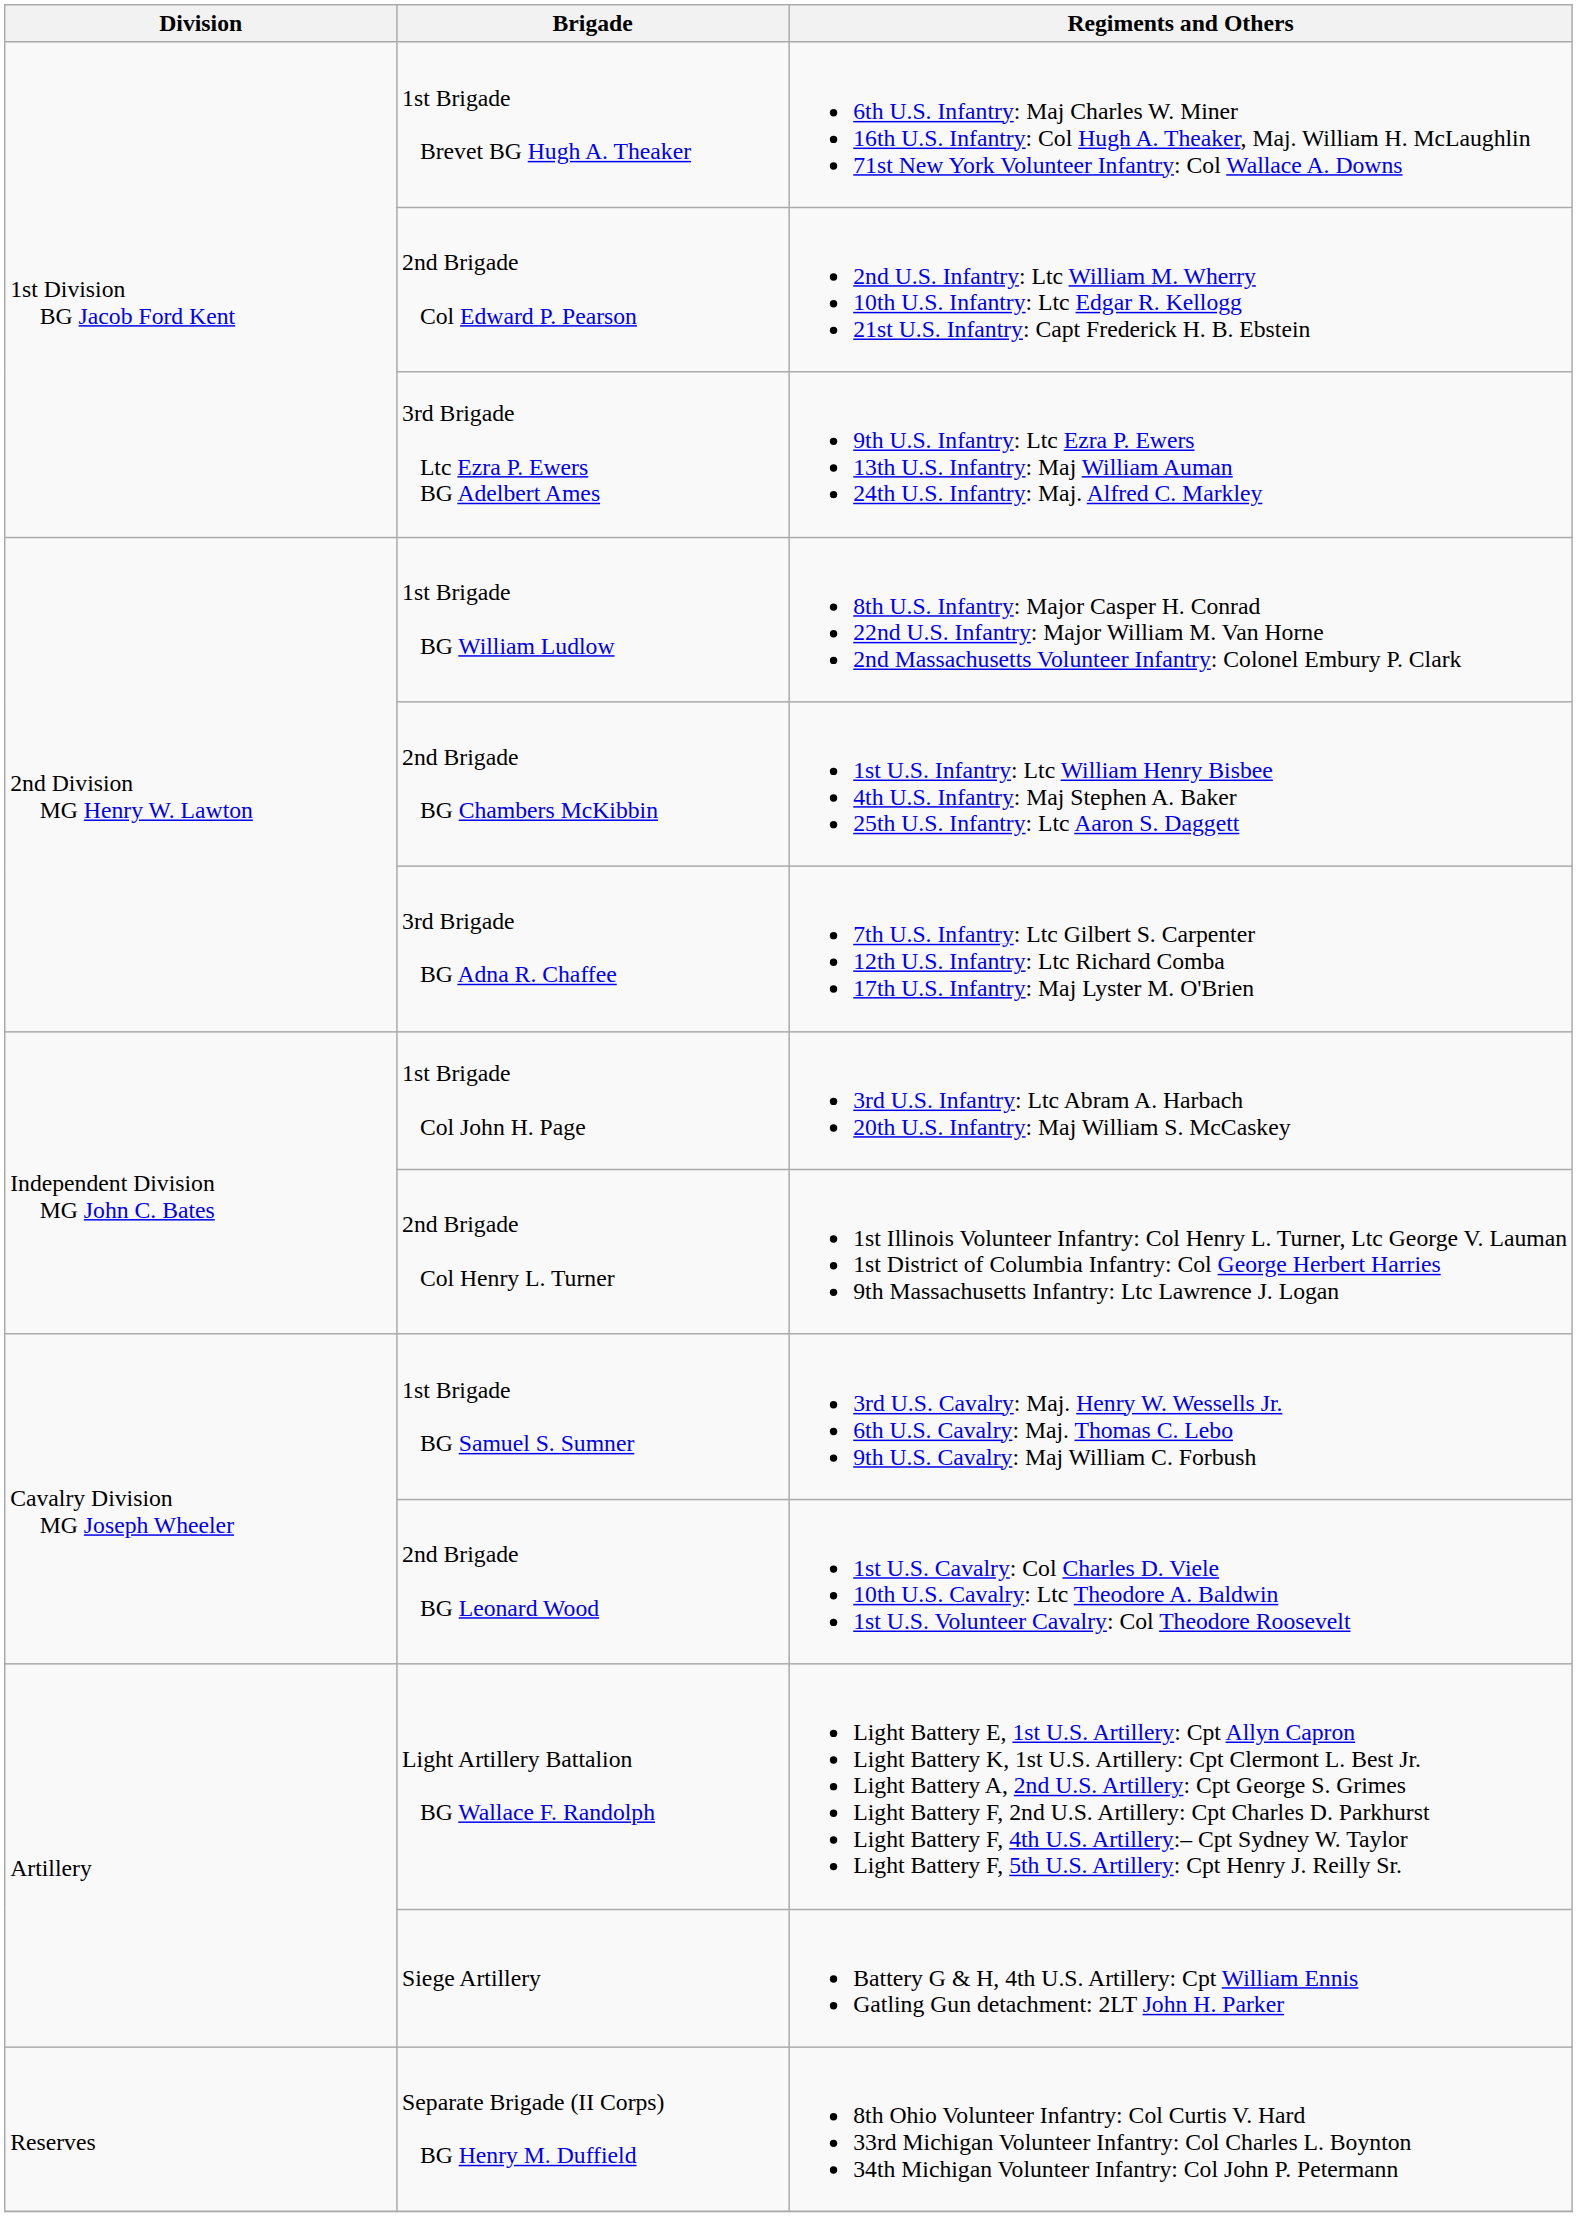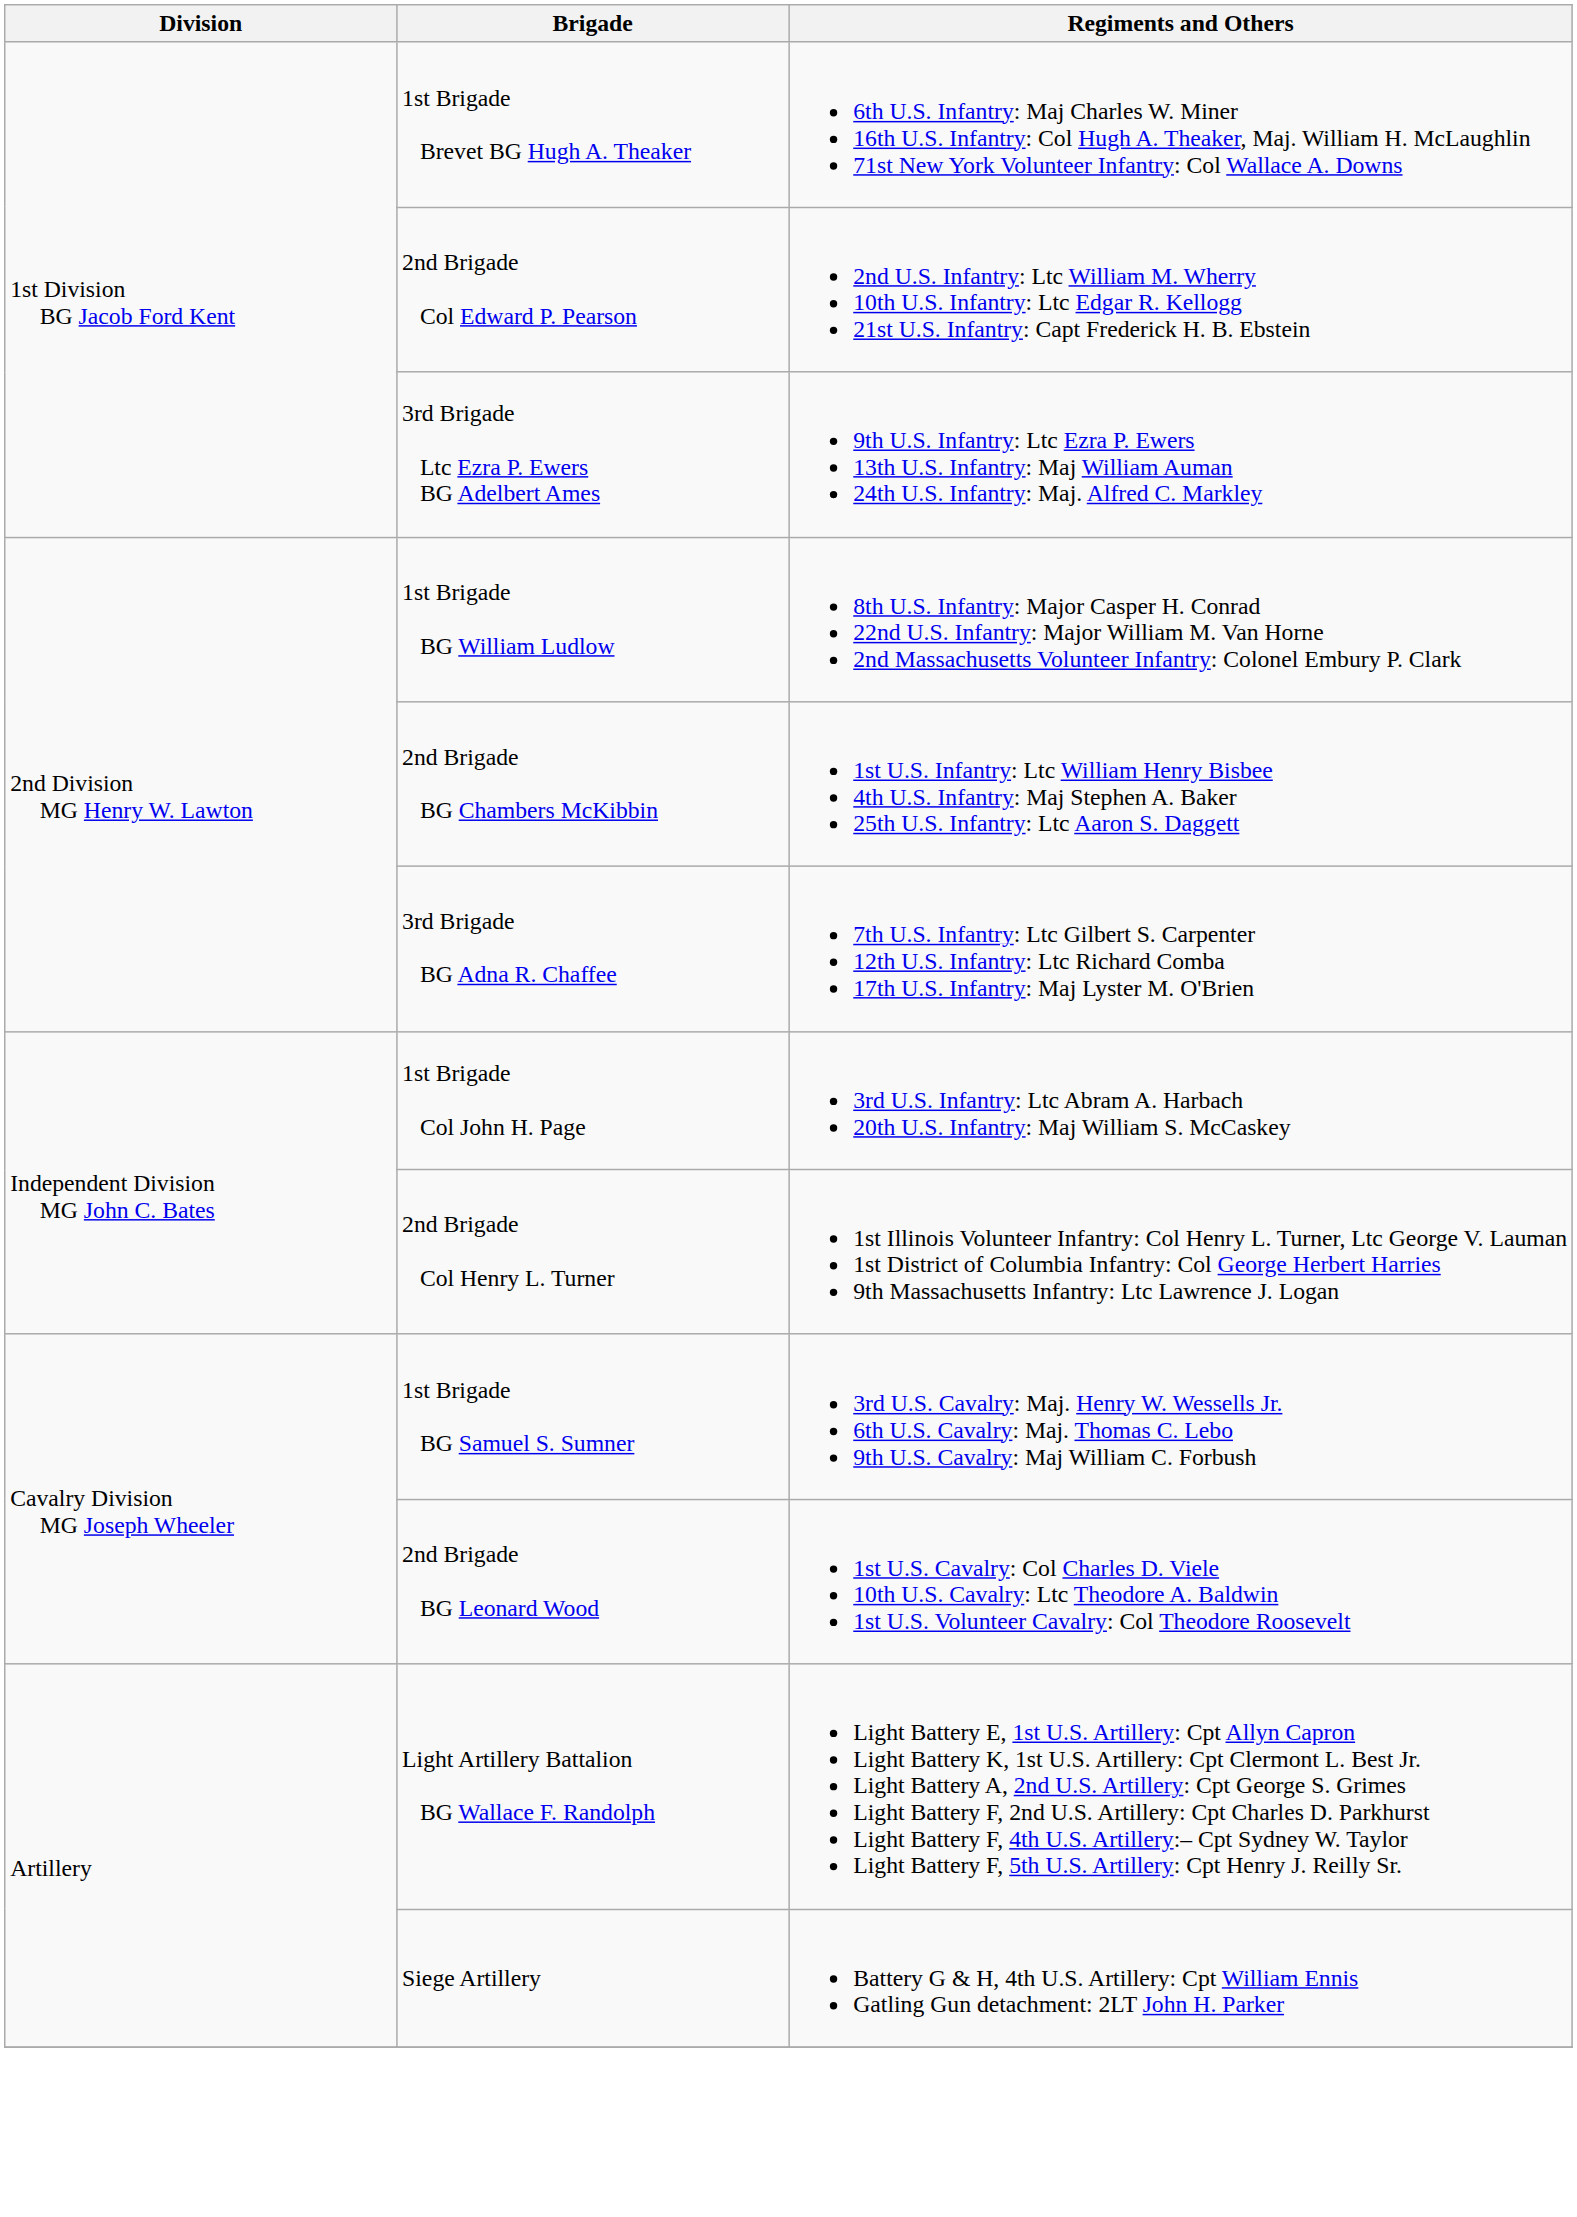 <table class="wikitable">
 <tr>
 <th width=25%>Division</th>
 <th width=25%>Brigade</th>
 <th>Regiments and Others</th>
 </tr>
 <tr>
 <td rowspan=3><br>1st Division <br>     BG <a href='#'>Jacob Ford Kent</a></td>
 <td>1st Brigade<br><br>   Brevet BG <a href='#'>Hugh A. Theaker</a></td>
 <td><br><ul><li><a href='#'>6th U.S. Infantry</a>: Maj Charles W. Miner</li><li><a href='#'>16th U.S. Infantry</a>: Col <a href='#'>Hugh A. Theaker</a>, Maj. William H. McLaughlin</li><li><a href='#'>71st New York Volunteer Infantry</a>: Col <a href='#'>Wallace A. Downs</a></li></ul></td>
 </tr>
 <tr>
 <td>2nd Brigade<br><br>   Col <a href='#'>Edward P. Pearson</a></td>
 <td><br><ul><li><a href='#'>2nd U.S. Infantry</a>: Ltc <a href='#'>William M. Wherry</a></li><li><a href='#'>10th U.S. Infantry</a>: Ltc <a href='#'>Edgar R. Kellogg</a></li><li><a href='#'>21st U.S. Infantry</a>: Capt Frederick H. B. Ebstein</li></ul></td>
 </tr>
 <tr>
 <td>3rd Brigade<br><br>   Ltc <a href='#'>Ezra P. Ewers</a> <br>   BG <a href='#'>Adelbert Ames</a></td>
 <td><br><ul><li><a href='#'>9th U.S. Infantry</a>: Ltc <a href='#'>Ezra P. Ewers</a></li><li><a href='#'>13th U.S. Infantry</a>: Maj <a href='#'>William Auman</a></li><li><a href='#'>24th U.S. Infantry</a>: Maj. <a href='#'>Alfred C. Markley</a></li></ul></td>
 </tr>
 <tr>
 <td rowspan=3><br>2nd Division <br>     MG <a href='#'>Henry W. Lawton</a></td>
 <td>1st Brigade<br><br>   BG <a href='#'>William Ludlow</a></td>
 <td><br><ul><li><a href='#'>8th U.S. Infantry</a>: Major Casper H. Conrad</li><li><a href='#'>22nd U.S. Infantry</a>: Major William M. Van Horne</li><li><a href='#'>2nd Massachusetts Volunteer Infantry</a>: Colonel Embury P. Clark</li></ul></td>
 </tr>
 <tr>
 <td>2nd Brigade<br><br>   BG <a href='#'>Chambers McKibbin</a></td>
 <td><br><ul><li><a href='#'>1st U.S. Infantry</a>: Ltc <a href='#'>William Henry Bisbee</a></li><li><a href='#'>4th U.S. Infantry</a>: Maj Stephen A. Baker</li><li><a href='#'>25th U.S. Infantry</a>: Ltc <a href='#'>Aaron S. Daggett</a></li></ul></td>
 </tr>
 <tr>
 <td>3rd Brigade<br><br>   BG <a href='#'>Adna R. Chaffee</a></td>
 <td><br><ul><li><a href='#'>7th U.S. Infantry</a>: Ltc Gilbert S. Carpenter</li><li><a href='#'>12th U.S. Infantry</a>: Ltc Richard Comba</li><li><a href='#'>17th U.S. Infantry</a>: Maj Lyster M. O'Brien</li></ul></td>
 </tr>
 <tr>
 <td rowspan=2><br>Independent Division <br>     MG <a href='#'>John C. Bates</a></td>
 <td>1st Brigade<br><br>   Col John H. Page</td>
 <td><br><ul><li><a href='#'>3rd U.S. Infantry</a>: Ltc Abram A. Harbach</li><li><a href='#'>20th U.S. Infantry</a>: Maj William S. McCaskey</li></ul></td>
 </tr>
 <tr>
 <td>2nd Brigade<br><br>   Col Henry L. Turner</td>
 <td><br><ul><li>1st Illinois Volunteer Infantry: Col Henry L. Turner, Ltc George V. Lauman</li><li>1st District of Columbia Infantry: Col <a href='#'>George Herbert Harries</a></li><li>9th Massachusetts Infantry: Ltc Lawrence J. Logan</li></ul></td>
 </tr>
 <tr>
 <td rowspan=2><br>Cavalry Division <br>     MG <a href='#'>Joseph Wheeler</a></td>
 <td>1st Brigade<br><br>   BG <a href='#'>Samuel S. Sumner</a></td>
 <td><br><ul><li><a href='#'>3rd U.S. Cavalry</a>: Maj. <a href='#'>Henry W. Wessells Jr.</a></li><li><a href='#'>6th U.S. Cavalry</a>: Maj. <a href='#'>Thomas C. Lebo</a></li><li><a href='#'>9th U.S. Cavalry</a>: Maj William C. Forbush</li></ul></td>
 </tr>
 <tr>
 <td>2nd Brigade<br><br>   BG <a href='#'>Leonard Wood</a></td>
 <td><br><ul><li><a href='#'>1st U.S. Cavalry</a>: Col <a href='#'>Charles D. Viele</a></li><li><a href='#'>10th U.S. Cavalry</a>: Ltc <a href='#'>Theodore A. Baldwin</a></li><li><a href='#'>1st U.S. Volunteer Cavalry</a>: Col <a href='#'>Theodore Roosevelt</a></li></ul></td>
 </tr>
 <tr>
 <td rowspan=2><br>Artillery</td>
 <td>Light Artillery Battalion<br><br>   BG <a href='#'>Wallace F. Randolph</a></td>
 <td><br><ul><li>Light Battery E, <a href='#'>1st U.S. Artillery</a>: Cpt <a href='#'>Allyn Capron</a></li><li>Light Battery K, 1st U.S. Artillery: Cpt Clermont L. Best Jr.</li><li>Light Battery A, <a href='#'>2nd U.S. Artillery</a>: Cpt George S. Grimes</li><li>Light Battery F, 2nd U.S. Artillery: Cpt Charles D. Parkhurst</li><li>Light Battery F, <a href='#'>4th U.S. Artillery</a>:– Cpt Sydney W. Taylor</li><li>Light Battery F, <a href='#'>5th U.S. Artillery</a>: Cpt Henry J. Reilly Sr.</li></ul></td>
 </tr>
 <tr>
 <td>Siege Artillery</td>
 <td><br><ul><li>Battery G & H, 4th U.S. Artillery: Cpt <a href='#'>William Ennis</a></li><li>Gatling Gun detachment: 2LT <a href='#'>John H. Parker</a></li></ul></td>
 </tr>
 <tr>
-<td rowspan=1><br>Reserves</td>
-<td>Separate Brigade (II Corps)<br><br>   BG <a href='#'>Henry M. Duffield</a></td>
-<td><br><ul><li>8th Ohio Volunteer Infantry: Col Curtis V. Hard</li><li>33rd Michigan Volunteer Infantry: Col Charles L. Boynton</li><li>34th Michigan Volunteer Infantry: Col John P. Petermann</li></ul></td>
-</tr>
-<tr>
 </tr>
 </table>
